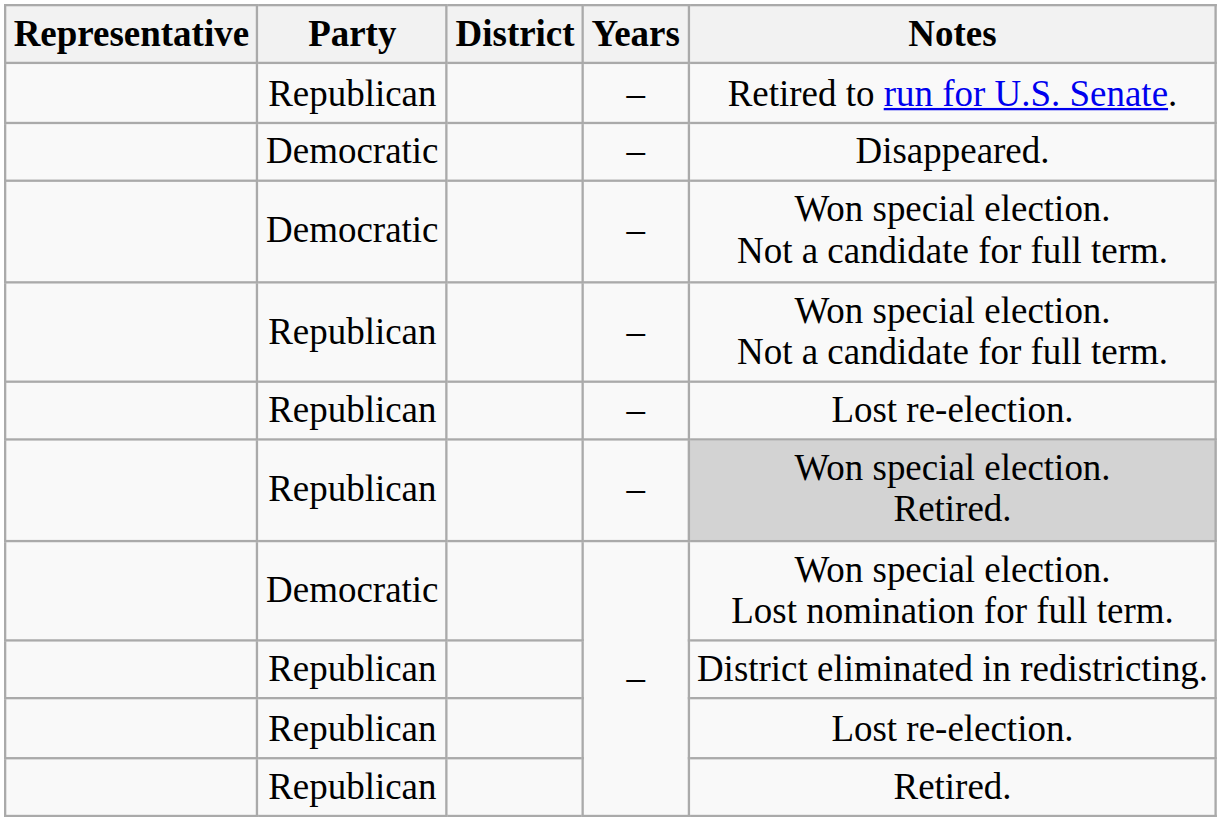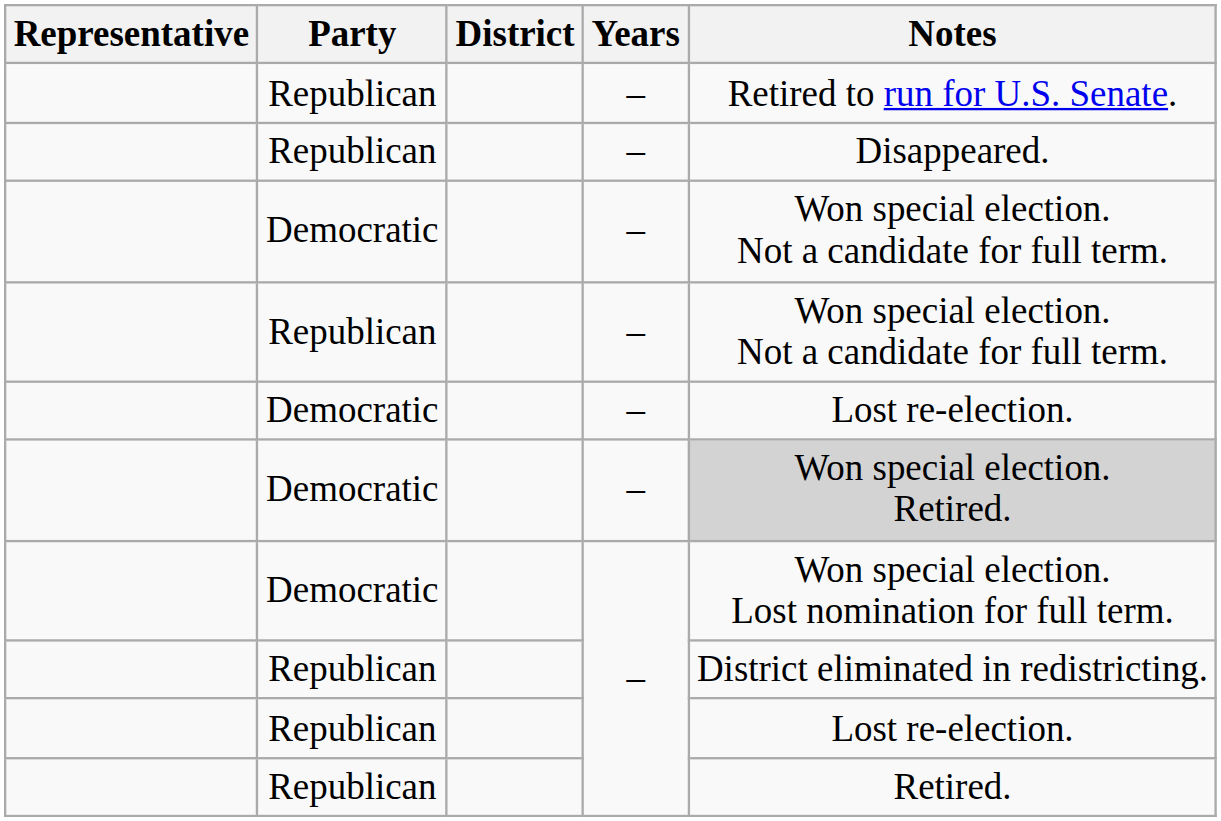 <table class="wikitable sortable" style="text-align:center">
 <tr valign=bottom>
 <th>Representative</th>
 <th>Party</th>
 <th>District</th>
 <th>Years</th>
 <th>Notes</th>
 </tr>
 <tr>
 <td align=left></td>
 <td>Republican</td>
 <td></td>
 <td nowrap> –<br></td>
 <td>Retired to <a href='#'>run for U.S. Senate</a>.</td>
 </tr>
 <tr>
 <td align=left></td>
-<td>Democratic</td>
+<td>Republican</td>
 <td></td>
 <td nowrap> –<br></td>
 <td>Disappeared.</td>
 </tr>
 <tr>
 <td align=left></td>
 <td>Democratic</td>
 <td></td>
 <td nowrap> –<br></td>
 <td>Won special election.<br>Not a candidate for full term.</td>
 </tr>
 <tr>
 <td align=left></td>
 <td>Republican</td>
 <td></td>
 <td nowrap> –<br></td>
 <td>Won special election.<br>Not a candidate for full term.</td>
 </tr>
 <tr>
 <td align=left></td>
-<td>Republican</td>
+<td>Democratic</td>
 <td></td>
 <td nowrap> –<br></td>
 <td>Lost re-election.</td>
 </tr>
 <tr>
 <td align=left></td>
-<td>Republican</td>
+<td>Democratic</td>
 <td></td>
 <td nowrap> –<br></td>
 <td style="background: lightgrey;">Won special election.<br>Retired.</td>
 </tr>
 <tr>
 <td align=left></td>
 <td>Democratic</td>
 <td></td>
 <td rowspan="4" nowrap=""> –<br></td>
 <td>Won special election.<br>Lost nomination for full term.</td>
 </tr>
 <tr>
 <td align=left></td>
 <td>Republican</td>
 <td></td>
 <td>District eliminated in redistricting.</td>
 </tr>
 <tr>
 <td align=left></td>
 <td>Republican</td>
 <td></td>
 <td>Lost re-election.</td>
 </tr>
 <tr>
 <td align=left></td>
 <td>Republican</td>
 <td></td>
 <td>Retired.</td>
 </tr>
 </table>
